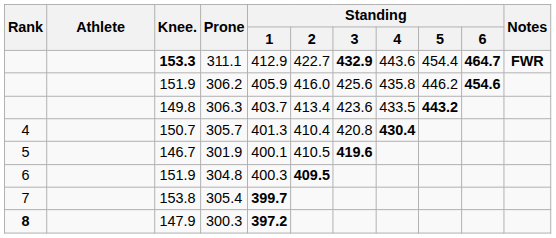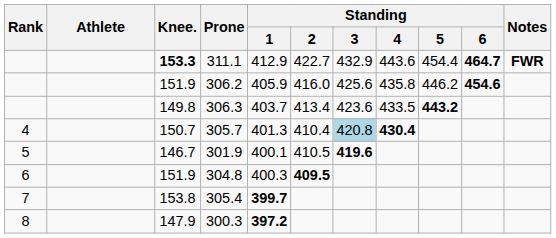 <table class="wikitable" style="text-align:center">
 <tr>
 <th rowspan=2 width=40>Rank</th>
 <th rowspan=2 width=250>Athlete</th>
 <th rowspan=2 width=40>Knee.</th>
 <th rowspan=2 width=40>Prone</th>
 <th colspan=6>Standing</th>
 <th rowspan=2 width=45>Notes</th>
 </tr>
 <tr>
 <th width=40>1</th>
 <th width=40>2</th>
 <th width=40>3</th>
 <th width=40>4</th>
 <th width=40>5</th>
 <th width=40>6</th>
 </tr>
 <tr>
 <td></td>
 <td align=left></td>
 <td><strong>153.3</strong></td>
 <td>311.1</td>
 <td>412.9</td>
 <td>422.7</td>
-<td><strong>432.9</strong></td>
+<td>432.9</td>
 <td>443.6</td>
 <td>454.4</td>
 <td><strong>464.7</strong></td>
 <td><strong>FWR</strong></td>
 </tr>
 <tr>
 <td></td>
 <td align=left></td>
 <td>151.9</td>
 <td>306.2</td>
 <td>405.9</td>
 <td>416.0</td>
 <td>425.6</td>
 <td>435.8</td>
 <td>446.2</td>
 <td><strong>454.6</strong></td>
 <td></td>
 </tr>
 <tr>
 <td></td>
 <td align=left></td>
 <td>149.8</td>
 <td>306.3</td>
 <td>403.7</td>
 <td>413.4</td>
 <td>423.6</td>
 <td>433.5</td>
 <td><strong>443.2</strong></td>
 <td></td>
 <td></td>
 </tr>
 <tr>
 <td>4</td>
 <td align=left></td>
 <td>150.7</td>
 <td>305.7</td>
 <td>401.3</td>
 <td>410.4</td>
-<td>420.8</td>
+<td style="background: lightblue;">420.8</td>
 <td><strong>430.4</strong></td>
 <td></td>
 <td></td>
 <td></td>
 </tr>
 <tr>
 <td>5</td>
 <td align=left></td>
 <td>146.7</td>
 <td>301.9</td>
 <td>400.1</td>
 <td>410.5</td>
 <td><strong>419.6</strong></td>
 <td></td>
 <td></td>
 <td></td>
 <td></td>
 </tr>
 <tr>
 <td>6</td>
 <td align=left></td>
 <td>151.9</td>
 <td>304.8</td>
 <td>400.3</td>
 <td><strong>409.5</strong></td>
 <td></td>
 <td></td>
 <td></td>
 <td></td>
 <td></td>
 </tr>
 <tr>
 <td>7</td>
 <td align=left></td>
 <td>153.8</td>
 <td>305.4</td>
 <td><strong>399.7</strong></td>
 <td></td>
 <td></td>
 <td></td>
 <td></td>
 <td></td>
 <td></td>
 </tr>
 <tr>
-<td><strong>8</strong></td>
+<td>8</td>
 <td align=left></td>
 <td>147.9</td>
 <td>300.3</td>
 <td><strong>397.2</strong></td>
 <td></td>
 <td></td>
 <td></td>
 <td></td>
 <td></td>
 <td></td>
 </tr>
 </table>
